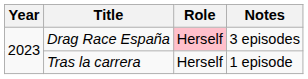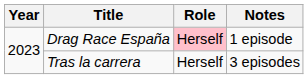 <table class="wikitable">
 <tr>
 <th>Year</th>
 <th>Title</th>
 <th>Role</th>
 <th>Notes</th>
 </tr>
 <tr>
 <td rowspan="2">2023</td>
 <td><em>Drag Race España</em></td>
 <td style="background: pink;">Herself</td>
-<td>3 episodes</td>
+<td>1 episode</td>
 </tr>
 <tr>
 <td><em>Tras la carrera</em></td>
 <td>Herself</td>
-<td>1 episode</td>
+<td>3 episodes</td>
 </tr>
 </table>
